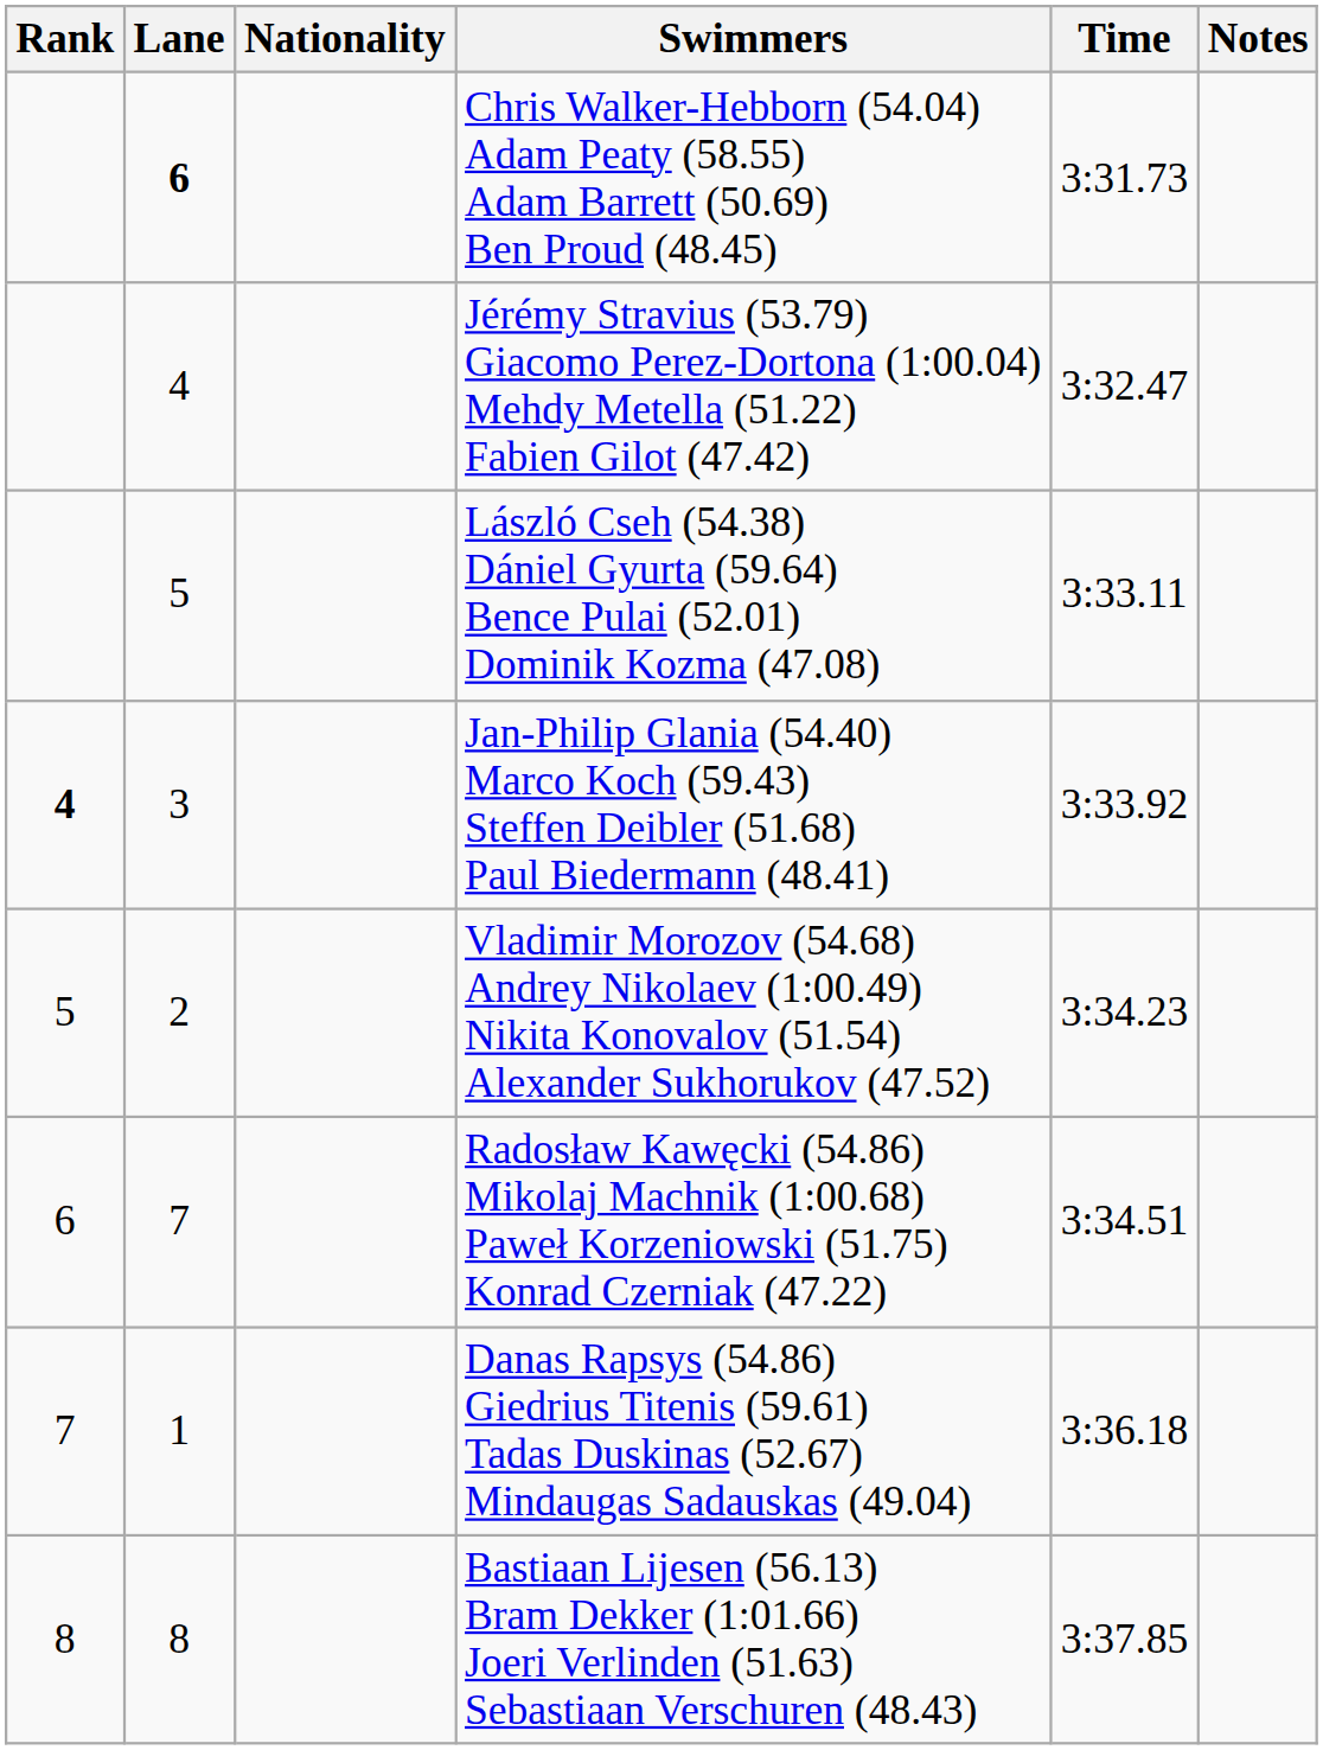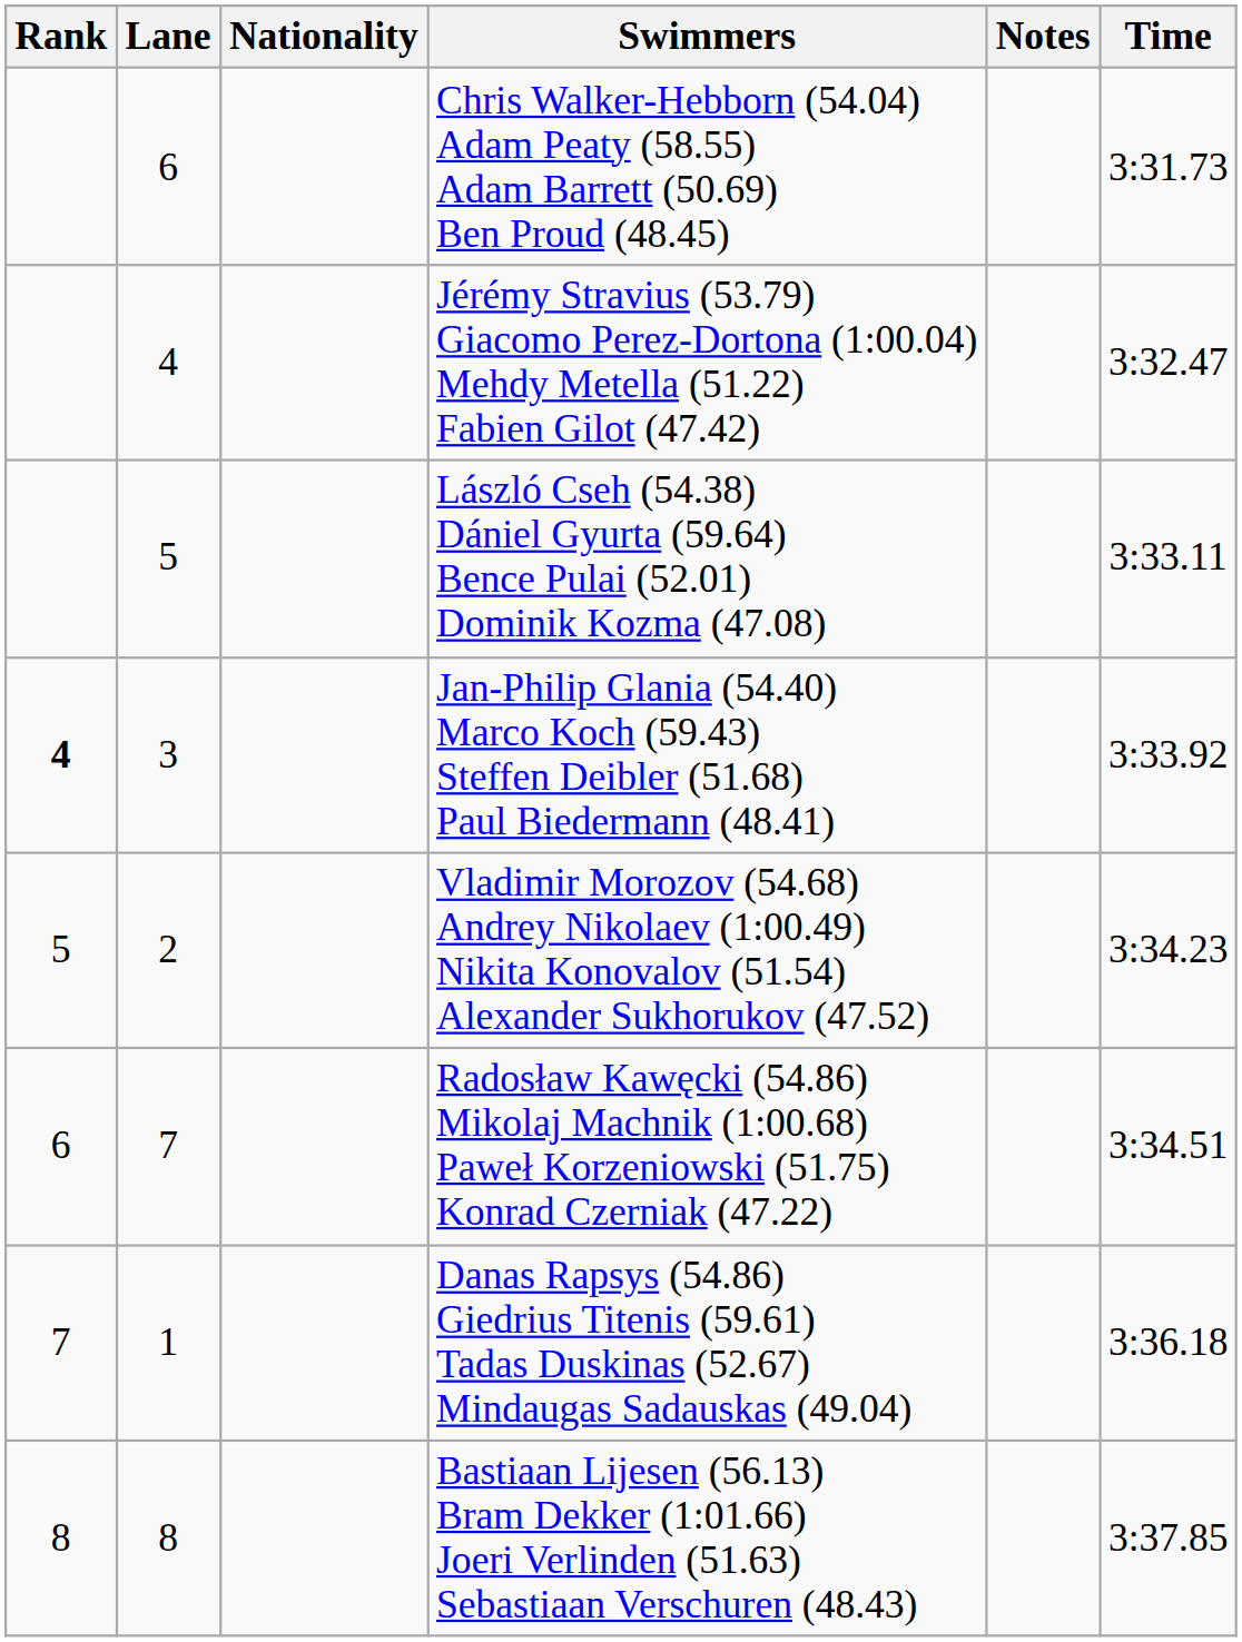 <table class="wikitable sortable" style="text-align:center">
 <tr>
 <th>Rank</th>
 <th>Lane</th>
 <th>Nationality</th>
 <th>Swimmers</th>
+<th>Notes</th>
 <th>Time</th>
-<th>Notes</th>
 </tr>
 <tr>
 <td></td>
-<td><strong>6</strong></td>
+<td>6</td>
 <td align=left></td>
 <td align=left><a href='#'>Chris Walker-Hebborn</a> (54.04)<br><a href='#'>Adam Peaty</a> (58.55)<br><a href='#'>Adam Barrett</a> (50.69)<br><a href='#'>Ben Proud</a> (48.45)</td>
+<td></td>
 <td>3:31.73</td>
-<td></td>
 </tr>
 <tr>
 <td></td>
 <td>4</td>
 <td align=left></td>
 <td align=left><a href='#'>Jérémy Stravius</a> (53.79)<br><a href='#'>Giacomo Perez-Dortona</a> (1:00.04)<br><a href='#'>Mehdy Metella</a> (51.22)<br><a href='#'>Fabien Gilot</a> (47.42)</td>
+<td></td>
 <td>3:32.47</td>
-<td></td>
 </tr>
 <tr>
 <td></td>
 <td>5</td>
 <td align=left></td>
 <td align=left><a href='#'>László Cseh</a> (54.38)<br><a href='#'>Dániel Gyurta</a> (59.64)<br><a href='#'>Bence Pulai</a> (52.01)<br><a href='#'>Dominik Kozma</a> (47.08)</td>
+<td></td>
 <td>3:33.11</td>
-<td></td>
 </tr>
 <tr>
 <td><strong>4</strong></td>
 <td>3</td>
 <td align=left></td>
 <td align=left><a href='#'>Jan-Philip Glania</a> (54.40)<br><a href='#'>Marco Koch</a> (59.43)<br><a href='#'>Steffen Deibler</a> (51.68)<br><a href='#'>Paul Biedermann</a> (48.41)</td>
+<td></td>
 <td>3:33.92</td>
-<td></td>
 </tr>
 <tr>
 <td>5</td>
 <td>2</td>
 <td align=left></td>
 <td align=left><a href='#'>Vladimir Morozov</a> (54.68)<br><a href='#'>Andrey Nikolaev</a> (1:00.49)<br><a href='#'>Nikita Konovalov</a> (51.54)<br><a href='#'>Alexander Sukhorukov</a> (47.52)</td>
+<td></td>
 <td>3:34.23</td>
-<td></td>
 </tr>
 <tr>
 <td>6</td>
 <td>7</td>
 <td align=left></td>
 <td align=left><a href='#'>Radosław Kawęcki</a> (54.86)<br><a href='#'>Mikolaj Machnik</a> (1:00.68)<br><a href='#'>Paweł Korzeniowski</a> (51.75)<br><a href='#'>Konrad Czerniak</a> (47.22)</td>
+<td></td>
 <td>3:34.51</td>
-<td></td>
 </tr>
 <tr>
 <td>7</td>
 <td>1</td>
 <td align=left></td>
 <td align=left><a href='#'>Danas Rapsys</a> (54.86)<br><a href='#'>Giedrius Titenis</a> (59.61)<br><a href='#'>Tadas Duskinas</a> (52.67)<br><a href='#'>Mindaugas Sadauskas</a> (49.04)</td>
+<td></td>
 <td>3:36.18</td>
-<td></td>
 </tr>
 <tr>
 <td>8</td>
 <td>8</td>
 <td align=left></td>
 <td align=left><a href='#'>Bastiaan Lijesen</a> (56.13)<br><a href='#'>Bram Dekker</a> (1:01.66)<br><a href='#'>Joeri Verlinden</a> (51.63)<br><a href='#'>Sebastiaan Verschuren</a> (48.43)</td>
+<td></td>
 <td>3:37.85</td>
-<td></td>
 </tr>
 </table>
